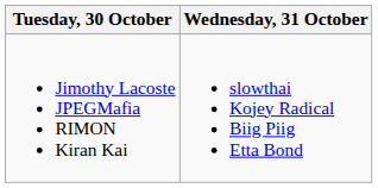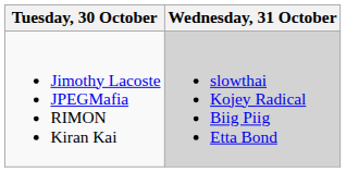 <table class="wikitable">
 <tr>
 <th>Tuesday, 30 October</th>
 <th>Wednesday, 31 October</th>
 </tr>
 <tr valign="top">
 <td><br><ul><li><a href='#'>Jimothy Lacoste</a></li><li><a href='#'>JPEGMafia</a></li><li>RIMON</li><li>Kiran Kai</li></ul></td>
-<td><br><ul><li><a href='#'>slowthai</a></li><li><a href='#'>Kojey Radical</a></li><li><a href='#'>Biig Piig</a></li><li><a href='#'>Etta Bond</a></li></ul></td>
+<td style="background: lightgrey;"><br><ul><li><a href='#'>slowthai</a></li><li><a href='#'>Kojey Radical</a></li><li><a href='#'>Biig Piig</a></li><li><a href='#'>Etta Bond</a></li></ul></td>
 </tr>
 </table>
